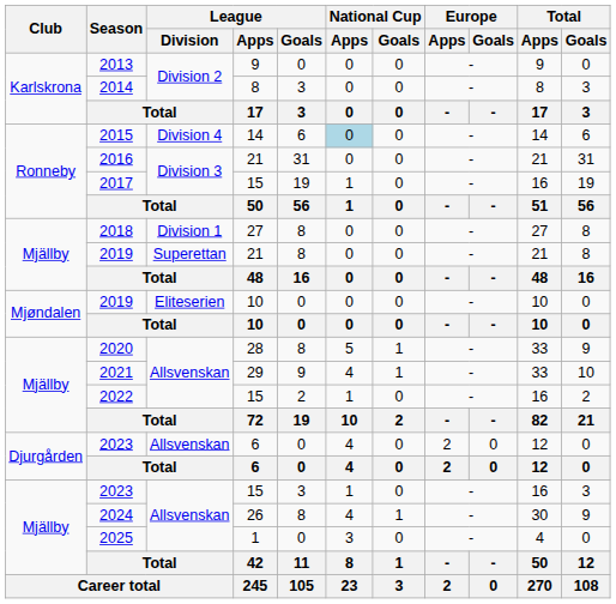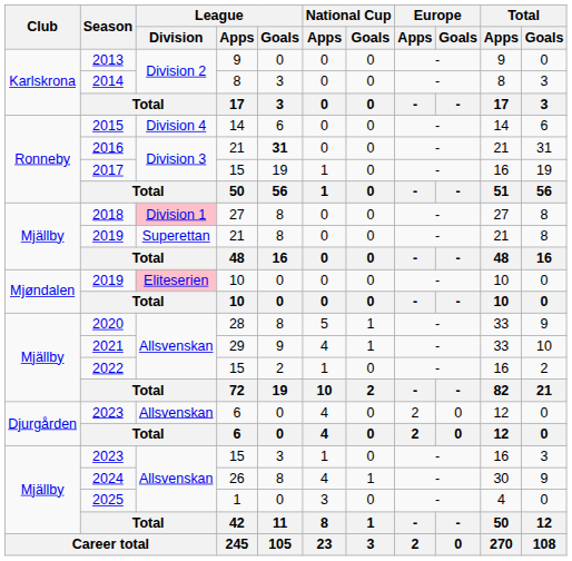 <table class="wikitable" style="text-align: center;">
 <tr>
 <th rowspan="2">Club</th>
 <th rowspan="2">Season</th>
 <th colspan="3">League</th>
 <th colspan="2">National Cup</th>
 <th colspan="2">Europe</th>
 <th colspan="2">Total</th>
 </tr>
 <tr>
 <th>Division</th>
 <th>Apps</th>
 <th>Goals</th>
 <th>Apps</th>
 <th>Goals</th>
 <th>Apps</th>
 <th>Goals</th>
 <th>Apps</th>
 <th>Goals</th>
 </tr>
 <tr>
 <td rowspan="3"><a href='#'>Karlskrona</a></td>
 <td><a href='#'>2013</a></td>
 <td rowspan="2"><a href='#'>Division 2</a></td>
 <td>9</td>
 <td>0</td>
 <td>0</td>
 <td>0</td>
 <td colspan="2">-</td>
 <td>9</td>
 <td>0</td>
 </tr>
 <tr>
 <td><a href='#'>2014</a></td>
 <td>8</td>
 <td>3</td>
 <td>0</td>
 <td>0</td>
 <td colspan="2">-</td>
 <td>8</td>
 <td>3</td>
 </tr>
 <tr>
 <th colspan="2">Total</th>
 <th>17</th>
 <th>3</th>
 <th>0</th>
 <th>0</th>
 <th>-</th>
 <th>-</th>
 <th>17</th>
 <th>3</th>
 </tr>
 <tr>
 <td rowspan="4"><a href='#'>Ronneby</a></td>
 <td><a href='#'>2015</a></td>
 <td rowspan="1"><a href='#'>Division 4</a></td>
 <td>14</td>
 <td>6</td>
-<td style="background: lightblue;">0</td>
+<td>0</td>
 <td>0</td>
 <td colspan="2">-</td>
 <td>14</td>
 <td>6</td>
 </tr>
 <tr>
 <td><a href='#'>2016</a></td>
 <td rowspan="2"><a href='#'>Division 3</a></td>
 <td>21</td>
-<td>31</td>
+<td><strong>31</strong></td>
 <td>0</td>
 <td>0</td>
 <td colspan="2">-</td>
 <td>21</td>
 <td>31</td>
 </tr>
 <tr>
 <td><a href='#'>2017</a></td>
 <td>15</td>
 <td>19</td>
 <td>1</td>
 <td>0</td>
 <td colspan="2">-</td>
 <td>16</td>
 <td>19</td>
 </tr>
 <tr>
 <th colspan="2">Total</th>
 <th>50</th>
 <th>56</th>
 <th>1</th>
 <th>0</th>
 <th>-</th>
 <th>-</th>
 <th>51</th>
 <th>56</th>
 </tr>
 <tr>
 <td rowspan="3"><a href='#'>Mjällby</a></td>
 <td><a href='#'>2018</a></td>
-<td rowspan="1"><a href='#'>Division 1</a></td>
+<td rowspan="1" style="background: pink;"><a href='#'>Division 1</a></td>
 <td>27</td>
 <td>8</td>
 <td>0</td>
 <td>0</td>
 <td colspan="2">-</td>
 <td>27</td>
 <td>8</td>
 </tr>
 <tr>
 <td><a href='#'>2019</a></td>
 <td rowspan="1"><a href='#'>Superettan</a></td>
 <td>21</td>
 <td>8</td>
 <td>0</td>
 <td>0</td>
 <td colspan="2">-</td>
 <td>21</td>
 <td>8</td>
 </tr>
 <tr>
 <th colspan="2">Total</th>
 <th>48</th>
 <th>16</th>
 <th>0</th>
 <th>0</th>
 <th>-</th>
 <th>-</th>
 <th>48</th>
 <th>16</th>
 </tr>
 <tr>
 <td rowspan="2"><a href='#'>Mjøndalen</a></td>
 <td><a href='#'>2019</a></td>
-<td rowspan="1"><a href='#'>Eliteserien</a></td>
+<td rowspan="1" style="background: pink;"><a href='#'>Eliteserien</a></td>
 <td>10</td>
 <td>0</td>
 <td>0</td>
 <td>0</td>
 <td colspan="2">-</td>
 <td>10</td>
 <td>0</td>
 </tr>
 <tr>
 <th colspan="2">Total</th>
 <th>10</th>
 <th>0</th>
 <th>0</th>
 <th>0</th>
 <th>-</th>
 <th>-</th>
 <th>10</th>
 <th>0</th>
 </tr>
 <tr>
 <td rowspan="4"><a href='#'>Mjällby</a></td>
 <td><a href='#'>2020</a></td>
 <td rowspan="3"><a href='#'>Allsvenskan</a></td>
 <td>28</td>
 <td>8</td>
 <td>5</td>
 <td>1</td>
 <td colspan="2">-</td>
 <td>33</td>
 <td>9</td>
 </tr>
 <tr>
 <td><a href='#'>2021</a></td>
 <td>29</td>
 <td>9</td>
 <td>4</td>
 <td>1</td>
 <td colspan="2">-</td>
 <td>33</td>
 <td>10</td>
 </tr>
 <tr>
 <td><a href='#'>2022</a></td>
 <td>15</td>
 <td>2</td>
 <td>1</td>
 <td>0</td>
 <td colspan="2">-</td>
 <td>16</td>
 <td>2</td>
 </tr>
 <tr>
 <th colspan="2">Total</th>
 <th>72</th>
 <th>19</th>
 <th>10</th>
 <th>2</th>
 <th>-</th>
 <th>-</th>
 <th>82</th>
 <th>21</th>
 </tr>
 <tr>
 <td rowspan="2"><a href='#'>Djurgården</a></td>
 <td><a href='#'>2023</a></td>
 <td rowspan="1"><a href='#'>Allsvenskan</a></td>
 <td>6</td>
 <td>0</td>
 <td>4</td>
 <td>0</td>
 <td>2</td>
 <td>0</td>
 <td>12</td>
 <td>0</td>
 </tr>
 <tr>
 <th colspan="2">Total</th>
 <th>6</th>
 <th>0</th>
 <th>4</th>
 <th>0</th>
 <th>2</th>
 <th>0</th>
 <th>12</th>
 <th>0</th>
 </tr>
 <tr>
 <td rowspan="4"><a href='#'>Mjällby</a></td>
 <td><a href='#'>2023</a></td>
 <td rowspan="3"><a href='#'>Allsvenskan</a></td>
 <td>15</td>
 <td>3</td>
 <td>1</td>
 <td>0</td>
 <td colspan="2">-</td>
 <td>16</td>
 <td>3</td>
 </tr>
 <tr>
 <td><a href='#'>2024</a></td>
 <td>26</td>
 <td>8</td>
 <td>4</td>
 <td>1</td>
 <td colspan="2">-</td>
 <td>30</td>
 <td>9</td>
 </tr>
 <tr>
 <td><a href='#'>2025</a></td>
 <td>1</td>
 <td>0</td>
 <td>3</td>
 <td>0</td>
 <td colspan="2">-</td>
 <td>4</td>
 <td>0</td>
 </tr>
 <tr>
 <th colspan="2">Total</th>
 <th>42</th>
 <th>11</th>
 <th>8</th>
 <th>1</th>
 <th>-</th>
 <th>-</th>
 <th>50</th>
 <th>12</th>
 </tr>
 <tr>
 <th colspan="3">Career total</th>
 <th>245</th>
 <th>105</th>
 <th>23</th>
 <th>3</th>
 <th>2</th>
 <th>0</th>
 <th>270</th>
 <th>108</th>
 </tr>
 </table>
